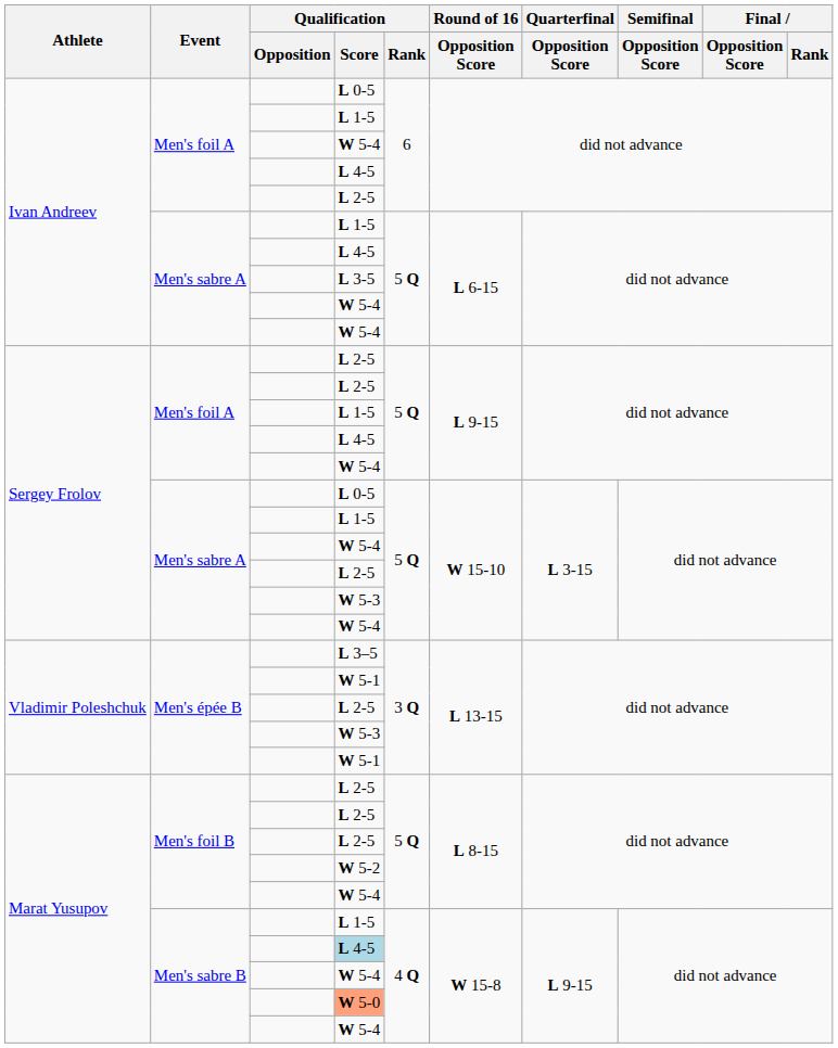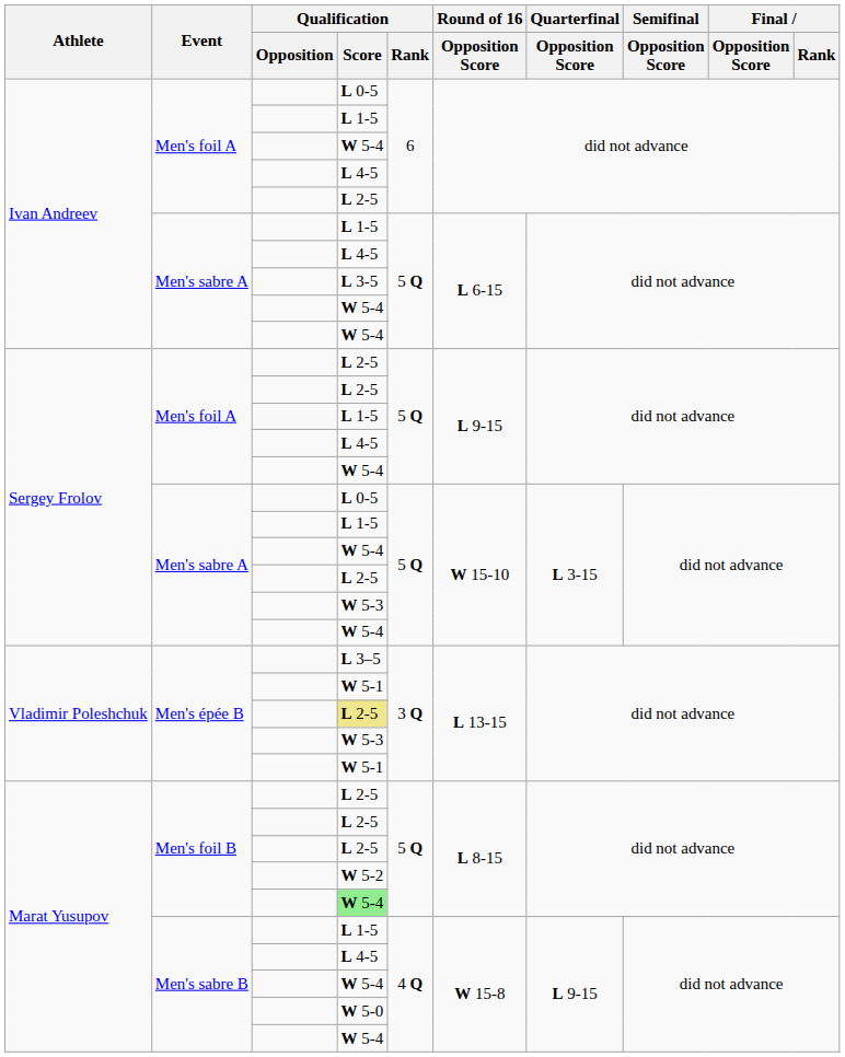 <table class=wikitable style="font-size:90%">
 <tr>
 <th rowspan="2">Athlete</th>
 <th rowspan="2">Event</th>
 <th colspan="3">Qualification</th>
 <th>Round of 16</th>
 <th>Quarterfinal</th>
 <th>Semifinal</th>
 <th colspan="2">Final / </th>
 </tr>
 <tr>
 <th>Opposition</th>
 <th>Score</th>
 <th>Rank</th>
 <th>Opposition<br>Score</th>
 <th>Opposition<br>Score</th>
 <th>Opposition<br>Score</th>
 <th>Opposition<br>Score</th>
 <th>Rank</th>
 </tr>
 <tr>
 <td rowspan=10><a href='#'>Ivan Andreev</a></td>
 <td rowspan=5><a href='#'>Men's foil A</a></td>
 <td></td>
 <td><strong>L</strong> 0-5</td>
 <td align="center" rowspan=5>6</td>
 <td align="center" rowspan=5 colspan=5>did not advance</td>
 </tr>
 <tr>
 <td></td>
 <td><strong>L</strong> 1-5</td>
 </tr>
 <tr>
 <td></td>
 <td><strong>W</strong> 5-4</td>
 </tr>
 <tr>
 <td></td>
 <td><strong>L</strong> 4-5</td>
 </tr>
 <tr>
 <td></td>
 <td><strong>L</strong> 2-5</td>
 </tr>
 <tr>
 <td rowspan=5><a href='#'>Men's sabre A</a></td>
 <td></td>
 <td><strong>L</strong> 1-5</td>
 <td align="center" rowspan=5>5 <strong>Q</strong></td>
 <td align="center" rowspan=5><br><strong>L</strong> 6-15</td>
 <td align="center" rowspan=5 colspan=4>did not advance</td>
 </tr>
 <tr>
 <td></td>
 <td><strong>L</strong> 4-5</td>
 </tr>
 <tr>
 <td></td>
 <td><strong>L</strong> 3-5</td>
 </tr>
 <tr>
 <td></td>
 <td><strong>W</strong> 5-4</td>
 </tr>
 <tr>
 <td></td>
 <td><strong>W</strong> 5-4</td>
 </tr>
 <tr>
 <td rowspan=11><a href='#'>Sergey Frolov</a></td>
 <td rowspan=5><a href='#'>Men's foil A</a></td>
 <td></td>
 <td><strong>L</strong> 2-5</td>
 <td align="center" rowspan=5>5 <strong>Q</strong></td>
 <td align="center" rowspan=5><br><strong>L</strong> 9-15</td>
 <td align="center" rowspan=5 colspan=4>did not advance</td>
 </tr>
 <tr>
 <td></td>
 <td><strong>L</strong> 2-5</td>
 </tr>
 <tr>
 <td></td>
 <td><strong>L</strong> 1-5</td>
 </tr>
 <tr>
 <td></td>
 <td><strong>L</strong> 4-5</td>
 </tr>
 <tr>
 <td></td>
 <td><strong>W</strong> 5-4</td>
 </tr>
 <tr>
 <td rowspan=6><a href='#'>Men's sabre A</a></td>
 <td></td>
 <td><strong>L</strong> 0-5</td>
 <td align="center" rowspan=6>5 <strong>Q</strong></td>
 <td align="center" rowspan=6><br><strong>W</strong> 15-10</td>
 <td align="center" rowspan=6><br><strong>L</strong> 3-15</td>
 <td align="center" rowspan=6 colspan=3>did not advance</td>
 </tr>
 <tr>
 <td></td>
 <td><strong>L</strong> 1-5</td>
 </tr>
 <tr>
 <td></td>
 <td><strong>W</strong> 5-4</td>
 </tr>
 <tr>
 <td></td>
 <td><strong>L</strong> 2-5</td>
 </tr>
 <tr>
 <td></td>
 <td><strong>W</strong> 5-3</td>
 </tr>
 <tr>
 <td></td>
 <td><strong>W</strong> 5-4</td>
 </tr>
 <tr>
 <td rowspan=5><a href='#'>Vladimir Poleshchuk</a></td>
 <td rowspan=5><a href='#'>Men's épée B</a></td>
 <td></td>
 <td><strong>L</strong> 3–5</td>
 <td align="center" rowspan=5>3 <strong>Q</strong></td>
 <td align="center" rowspan=5><br><strong>L</strong> 13-15</td>
 <td align="center" rowspan=5 colspan=4>did not advance</td>
 </tr>
 <tr>
 <td></td>
 <td><strong>W</strong> 5-1</td>
 </tr>
 <tr>
 <td></td>
-<td><strong>L</strong> 2-5</td>
+<td style="background: khaki;"><strong>L</strong> 2-5</td>
 </tr>
 <tr>
 <td></td>
 <td><strong>W</strong> 5-3</td>
 </tr>
 <tr>
 <td></td>
 <td><strong>W</strong> 5-1</td>
 </tr>
 <tr>
 <td rowspan=10><a href='#'>Marat Yusupov</a></td>
 <td rowspan=5><a href='#'>Men's foil B</a></td>
 <td></td>
 <td><strong>L</strong> 2-5</td>
 <td align="center" rowspan=5>5 <strong>Q</strong></td>
 <td align="center" rowspan=5><br><strong>L</strong> 8-15</td>
 <td align="center" rowspan=5 colspan=4>did not advance</td>
 </tr>
 <tr>
 <td></td>
 <td><strong>L</strong> 2-5</td>
 </tr>
 <tr>
 <td></td>
 <td><strong>L</strong> 2-5</td>
 </tr>
 <tr>
 <td></td>
 <td><strong>W</strong> 5-2</td>
 </tr>
 <tr>
 <td></td>
-<td><strong>W</strong> 5-4</td>
+<td style="background: lightgreen;"><strong>W</strong> 5-4</td>
 </tr>
 <tr>
 <td rowspan=5><a href='#'>Men's sabre B</a></td>
 <td></td>
 <td><strong>L</strong> 1-5</td>
 <td align="center" rowspan=5>4 <strong>Q</strong></td>
 <td align="center" rowspan=5><br><strong>W</strong> 15-8</td>
 <td align="center" rowspan=5><br><strong>L</strong> 9-15</td>
 <td align="center" rowspan=5 colspan=3>did not advance</td>
 </tr>
 <tr>
 <td></td>
-<td style="background: lightblue;"><strong>L</strong> 4-5</td>
+<td><strong>L</strong> 4-5</td>
 </tr>
 <tr>
 <td></td>
 <td><strong>W</strong> 5-4</td>
 </tr>
 <tr>
 <td></td>
-<td style="background: lightsalmon;"><strong>W</strong> 5-0</td>
+<td><strong>W</strong> 5-0</td>
 </tr>
 <tr>
 <td></td>
 <td><strong>W</strong> 5-4</td>
 </tr>
 </table>
